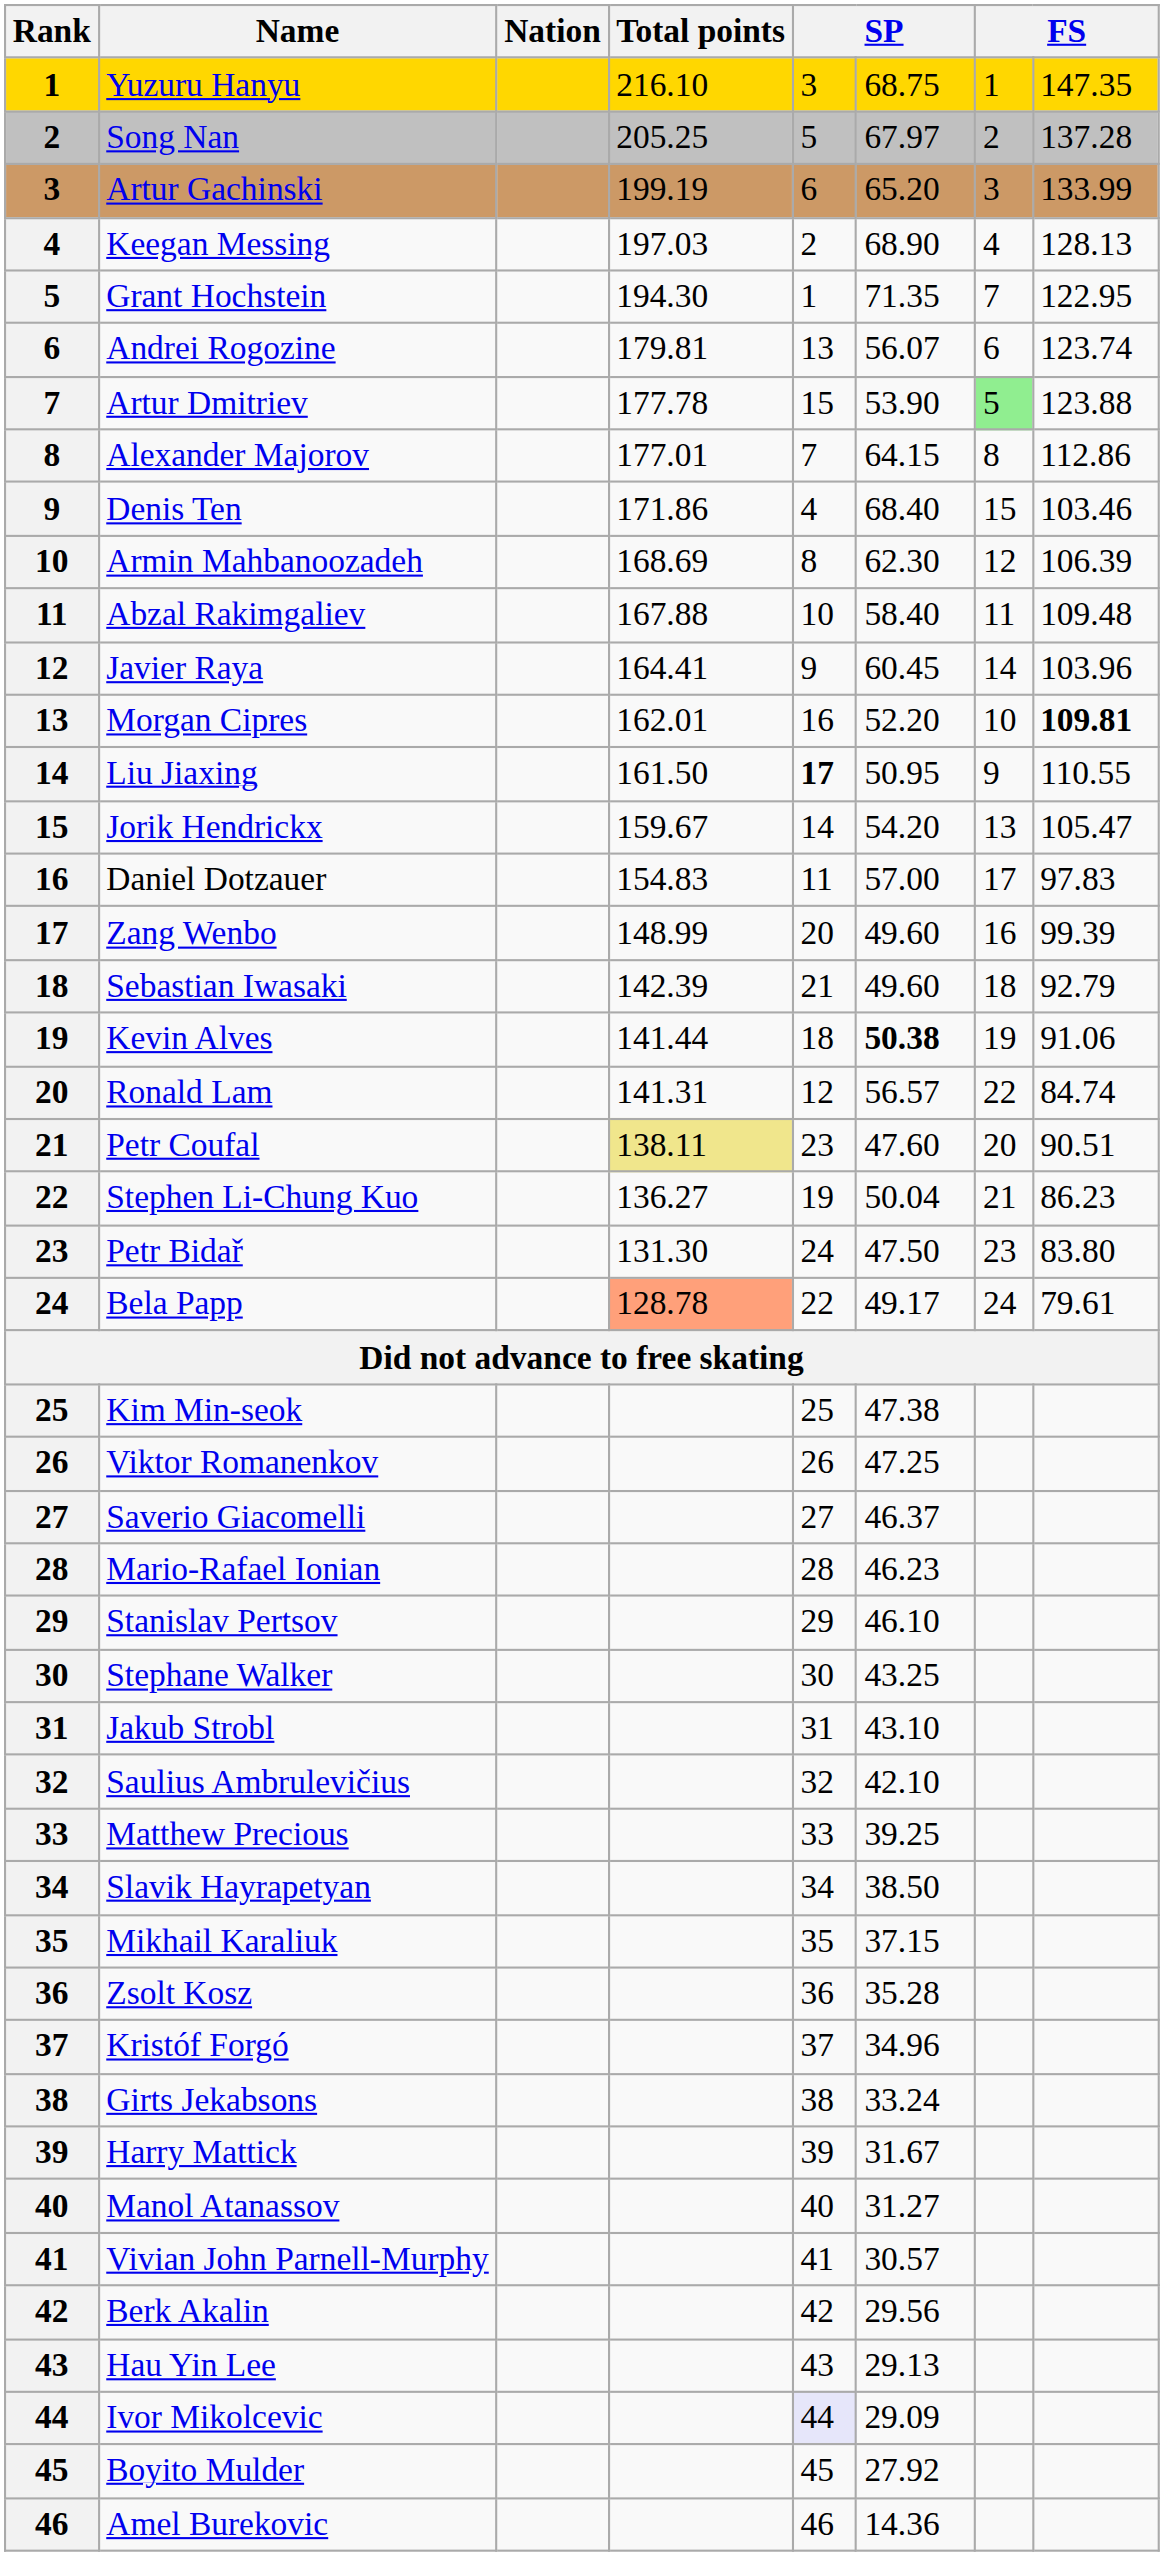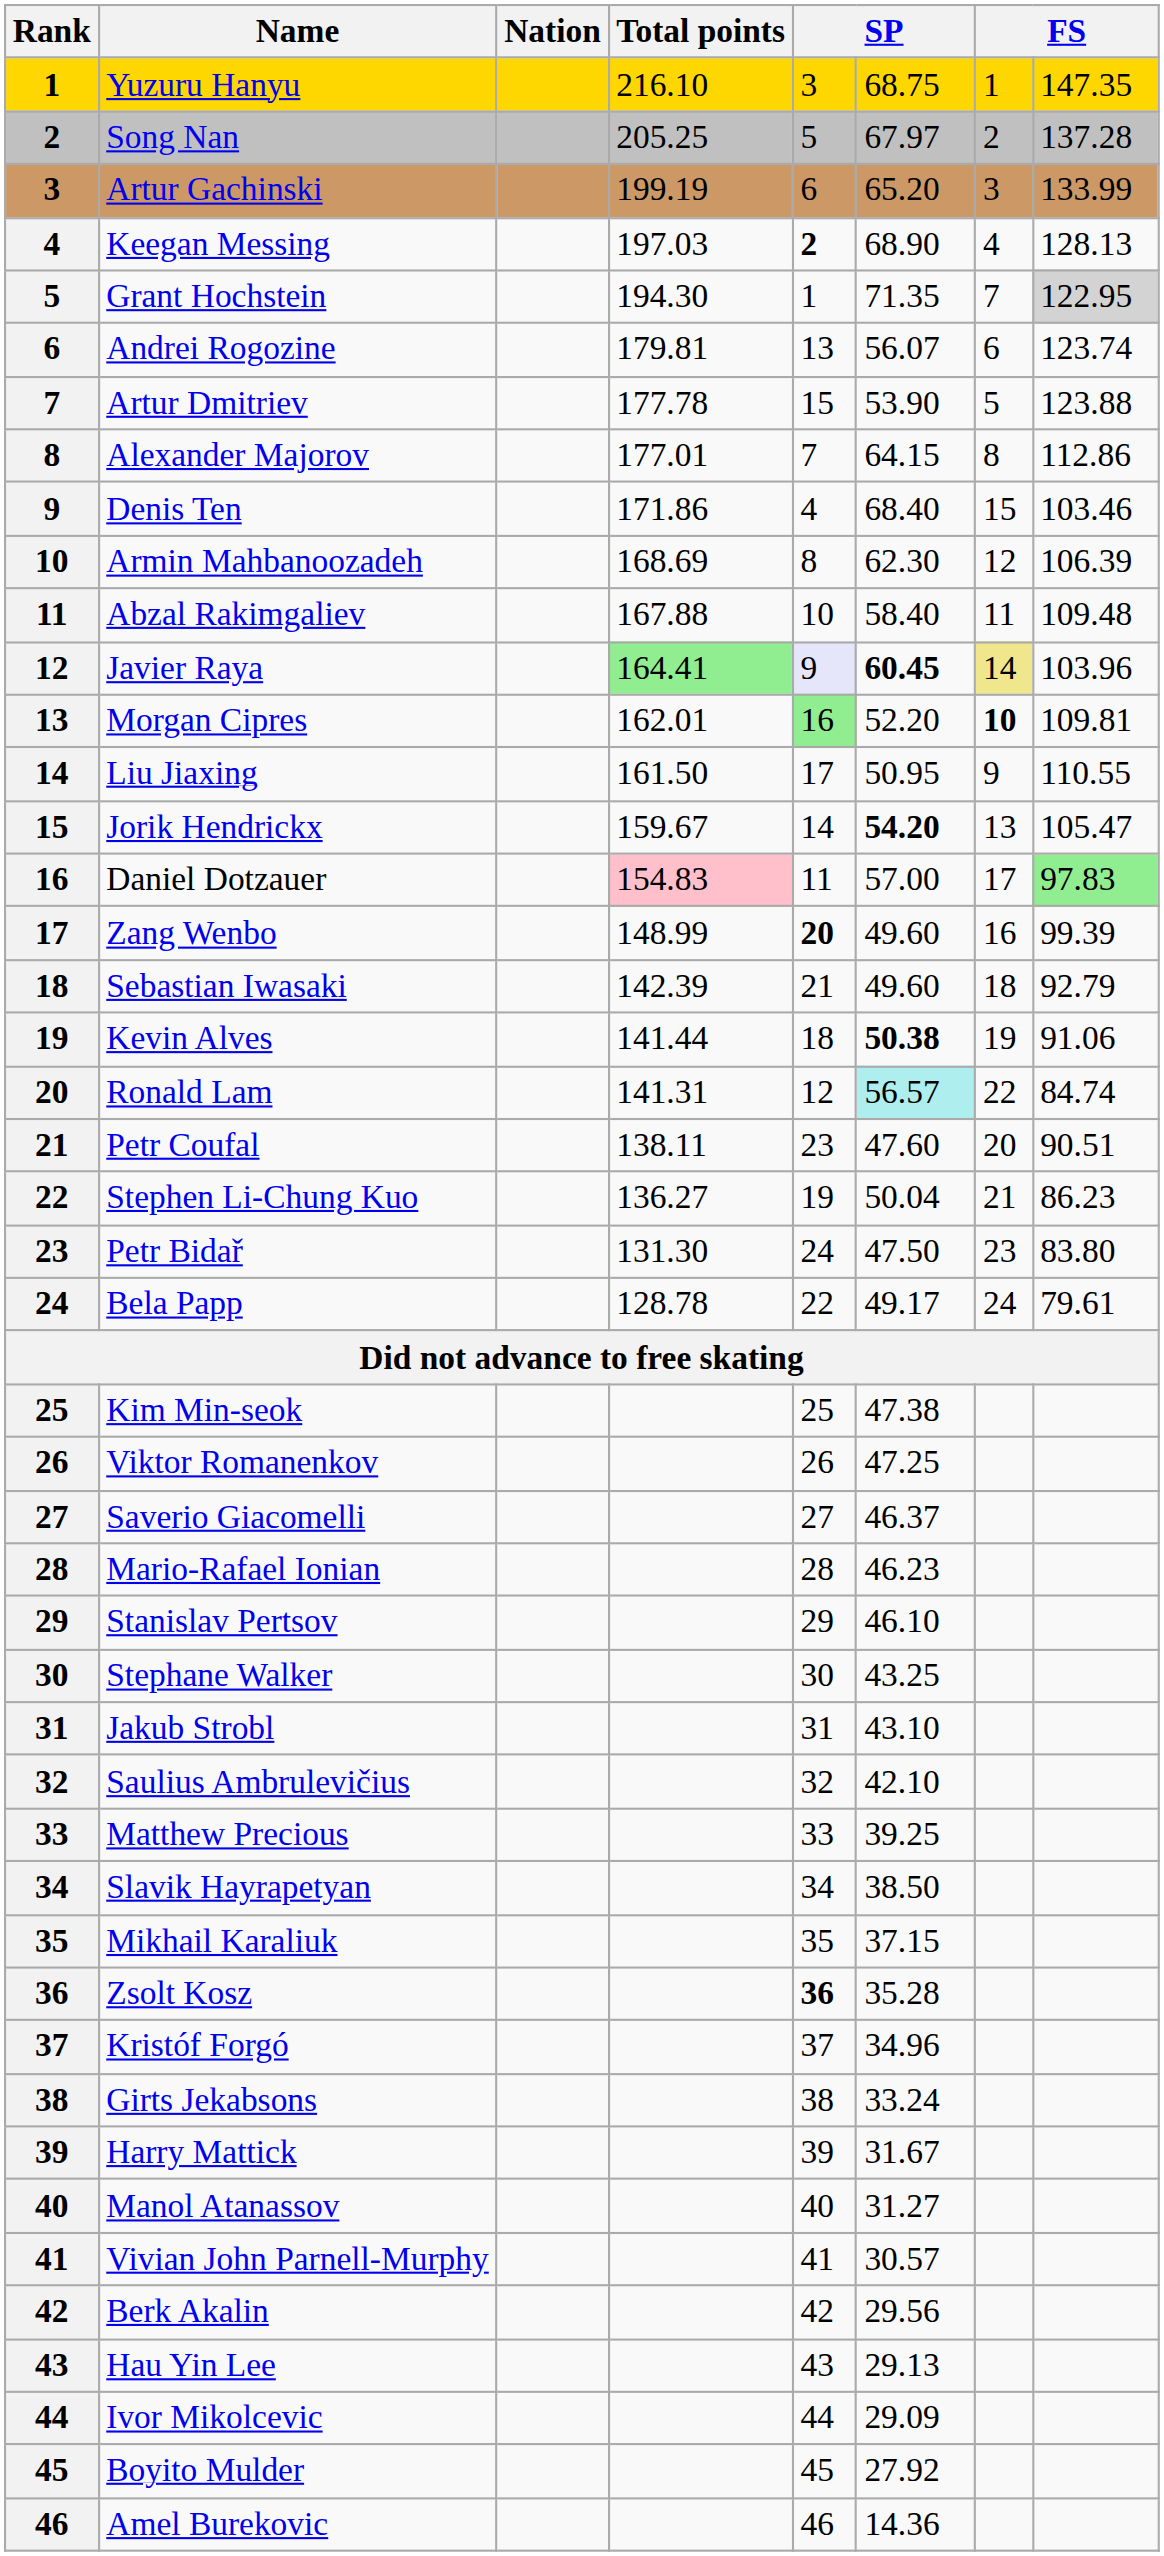 <table class="wikitable sortable">
 <tr>
 <th>Rank</th>
 <th>Name</th>
 <th>Nation</th>
 <th>Total points</th>
 <th colspan="2" width="80px"><a href='#'>SP</a></th>
 <th colspan="2" width="80px"><a href='#'>FS</a></th>
 </tr>
 <tr bgcolor=gold>
 <td align=center><strong>1</strong></td>
 <td><a href='#'>Yuzuru Hanyu</a></td>
 <td></td>
 <td>216.10</td>
 <td>3</td>
 <td>68.75</td>
 <td>1</td>
 <td>147.35</td>
 </tr>
 <tr bgcolor=silver>
 <td align=center><strong>2</strong></td>
 <td><a href='#'>Song Nan</a></td>
 <td></td>
 <td>205.25</td>
 <td>5</td>
 <td>67.97</td>
 <td>2</td>
 <td>137.28</td>
 </tr>
 <tr bgcolor=cc9966>
 <td align=center><strong>3</strong></td>
 <td><a href='#'>Artur Gachinski</a></td>
 <td></td>
 <td>199.19</td>
 <td>6</td>
 <td>65.20</td>
 <td>3</td>
 <td>133.99</td>
 </tr>
 <tr>
 <th>4</th>
 <td><a href='#'>Keegan Messing</a></td>
 <td></td>
 <td>197.03</td>
-<td>2</td>
+<td><strong>2</strong></td>
 <td>68.90</td>
 <td>4</td>
 <td>128.13</td>
 </tr>
 <tr>
 <th>5</th>
 <td><a href='#'>Grant Hochstein</a></td>
 <td></td>
 <td>194.30</td>
 <td>1</td>
 <td>71.35</td>
 <td>7</td>
-<td>122.95</td>
+<td style="background: lightgrey;">122.95</td>
 </tr>
 <tr>
 <th>6</th>
 <td><a href='#'>Andrei Rogozine</a></td>
 <td></td>
 <td>179.81</td>
 <td>13</td>
 <td>56.07</td>
 <td>6</td>
 <td>123.74</td>
 </tr>
 <tr>
 <th>7</th>
 <td><a href='#'>Artur Dmitriev</a></td>
 <td></td>
 <td>177.78</td>
 <td>15</td>
 <td>53.90</td>
-<td style="background: lightgreen;">5</td>
+<td>5</td>
 <td>123.88</td>
 </tr>
 <tr>
 <th>8</th>
 <td><a href='#'>Alexander Majorov</a></td>
 <td></td>
 <td>177.01</td>
 <td>7</td>
 <td>64.15</td>
 <td>8</td>
 <td>112.86</td>
 </tr>
 <tr>
 <th>9</th>
 <td><a href='#'>Denis Ten</a></td>
 <td></td>
 <td>171.86</td>
 <td>4</td>
 <td>68.40</td>
 <td>15</td>
 <td>103.46</td>
 </tr>
 <tr>
 <th>10</th>
 <td><a href='#'>Armin Mahbanoozadeh</a></td>
 <td></td>
 <td>168.69</td>
 <td>8</td>
 <td>62.30</td>
 <td>12</td>
 <td>106.39</td>
 </tr>
 <tr>
 <th>11</th>
 <td><a href='#'>Abzal Rakimgaliev</a></td>
 <td></td>
 <td>167.88</td>
 <td>10</td>
 <td>58.40</td>
 <td>11</td>
 <td>109.48</td>
 </tr>
 <tr>
 <th>12</th>
 <td><a href='#'>Javier Raya</a></td>
 <td></td>
-<td>164.41</td>
-<td>9</td>
-<td>60.45</td>
-<td>14</td>
+<td style="background: lightgreen;">164.41</td>
+<td style="background: lavender;">9</td>
+<td><strong>60.45</strong></td>
+<td style="background: khaki;">14</td>
 <td>103.96</td>
 </tr>
 <tr>
 <th>13</th>
 <td><a href='#'>Morgan Cipres</a></td>
 <td></td>
 <td>162.01</td>
-<td>16</td>
+<td style="background: lightgreen;">16</td>
 <td>52.20</td>
-<td>10</td>
-<td><strong>109.81</strong></td>
+<td><strong>10</strong></td>
+<td>109.81</td>
 </tr>
 <tr>
 <th>14</th>
 <td><a href='#'>Liu Jiaxing</a></td>
 <td></td>
 <td>161.50</td>
-<td><strong>17</strong></td>
+<td>17</td>
 <td>50.95</td>
 <td>9</td>
 <td>110.55</td>
 </tr>
 <tr>
 <th>15</th>
 <td><a href='#'>Jorik Hendrickx</a></td>
 <td></td>
 <td>159.67</td>
 <td>14</td>
-<td>54.20</td>
+<td><strong>54.20</strong></td>
 <td>13</td>
 <td>105.47</td>
 </tr>
 <tr>
 <th>16</th>
 <td>Daniel Dotzauer</td>
 <td></td>
-<td>154.83</td>
+<td style="background: pink;">154.83</td>
 <td>11</td>
 <td>57.00</td>
 <td>17</td>
-<td>97.83</td>
+<td style="background: lightgreen;">97.83</td>
 </tr>
 <tr>
 <th>17</th>
 <td><a href='#'>Zang Wenbo</a></td>
 <td></td>
 <td>148.99</td>
-<td>20</td>
+<td><strong>20</strong></td>
 <td>49.60</td>
 <td>16</td>
 <td>99.39</td>
 </tr>
 <tr>
 <th>18</th>
 <td><a href='#'>Sebastian Iwasaki</a></td>
 <td></td>
 <td>142.39</td>
 <td>21</td>
 <td>49.60</td>
 <td>18</td>
 <td>92.79</td>
 </tr>
 <tr>
 <th>19</th>
 <td><a href='#'>Kevin Alves</a></td>
 <td></td>
 <td>141.44</td>
 <td>18</td>
 <td><strong>50.38</strong></td>
 <td>19</td>
 <td>91.06</td>
 </tr>
 <tr>
 <th>20</th>
 <td><a href='#'>Ronald Lam</a></td>
 <td></td>
 <td>141.31</td>
 <td>12</td>
-<td>56.57</td>
+<td style="background: paleturquoise;">56.57</td>
 <td>22</td>
 <td>84.74</td>
 </tr>
 <tr>
 <th>21</th>
 <td><a href='#'>Petr Coufal</a></td>
 <td></td>
-<td style="background: khaki;">138.11</td>
+<td>138.11</td>
 <td>23</td>
 <td>47.60</td>
 <td>20</td>
 <td>90.51</td>
 </tr>
 <tr>
 <th>22</th>
 <td><a href='#'>Stephen Li-Chung Kuo</a></td>
 <td></td>
 <td>136.27</td>
 <td>19</td>
 <td>50.04</td>
 <td>21</td>
 <td>86.23</td>
 </tr>
 <tr>
 <th>23</th>
 <td><a href='#'>Petr Bidař</a></td>
 <td></td>
 <td>131.30</td>
 <td>24</td>
 <td>47.50</td>
 <td>23</td>
 <td>83.80</td>
 </tr>
 <tr>
 <th>24</th>
 <td><a href='#'>Bela Papp</a></td>
 <td></td>
-<td style="background: lightsalmon;">128.78</td>
+<td>128.78</td>
 <td>22</td>
 <td>49.17</td>
 <td>24</td>
 <td>79.61</td>
 </tr>
 <tr>
 <th colspan=8>Did not advance to free skating</th>
 </tr>
 <tr>
 <th>25</th>
 <td><a href='#'>Kim Min-seok</a></td>
 <td></td>
 <td></td>
 <td>25</td>
 <td>47.38</td>
 <td></td>
 <td></td>
 </tr>
 <tr>
 <th>26</th>
 <td><a href='#'>Viktor Romanenkov</a></td>
 <td></td>
 <td></td>
 <td>26</td>
 <td>47.25</td>
 <td></td>
 <td></td>
 </tr>
 <tr>
 <th>27</th>
 <td><a href='#'>Saverio Giacomelli</a></td>
 <td></td>
 <td></td>
 <td>27</td>
 <td>46.37</td>
 <td></td>
 <td></td>
 </tr>
 <tr>
 <th>28</th>
 <td><a href='#'>Mario-Rafael Ionian</a></td>
 <td></td>
 <td></td>
 <td>28</td>
 <td>46.23</td>
 <td></td>
 <td></td>
 </tr>
 <tr>
 <th>29</th>
 <td><a href='#'>Stanislav Pertsov</a></td>
 <td></td>
 <td></td>
 <td>29</td>
 <td>46.10</td>
 <td></td>
 <td></td>
 </tr>
 <tr>
 <th>30</th>
 <td><a href='#'>Stephane Walker</a></td>
 <td></td>
 <td></td>
 <td>30</td>
 <td>43.25</td>
 <td></td>
 <td></td>
 </tr>
 <tr>
 <th>31</th>
 <td><a href='#'>Jakub Strobl</a></td>
 <td></td>
 <td></td>
 <td>31</td>
 <td>43.10</td>
 <td></td>
 <td></td>
 </tr>
 <tr>
 <th>32</th>
 <td><a href='#'>Saulius Ambrulevičius</a></td>
 <td></td>
 <td></td>
 <td>32</td>
 <td>42.10</td>
 <td></td>
 <td></td>
 </tr>
 <tr>
 <th>33</th>
 <td><a href='#'>Matthew Precious</a></td>
 <td></td>
 <td></td>
 <td>33</td>
 <td>39.25</td>
 <td></td>
 <td></td>
 </tr>
 <tr>
 <th>34</th>
 <td><a href='#'>Slavik Hayrapetyan</a></td>
 <td></td>
 <td></td>
 <td>34</td>
 <td>38.50</td>
 <td></td>
 <td></td>
 </tr>
 <tr>
 <th>35</th>
 <td><a href='#'>Mikhail Karaliuk</a></td>
 <td></td>
 <td></td>
 <td>35</td>
 <td>37.15</td>
 <td></td>
 <td></td>
 </tr>
 <tr>
 <th>36</th>
 <td><a href='#'>Zsolt Kosz</a></td>
 <td></td>
 <td></td>
-<td>36</td>
+<td><strong>36</strong></td>
 <td>35.28</td>
 <td></td>
 <td></td>
 </tr>
 <tr>
 <th>37</th>
 <td><a href='#'>Kristóf Forgó</a></td>
 <td></td>
 <td></td>
 <td>37</td>
 <td>34.96</td>
 <td></td>
 <td></td>
 </tr>
 <tr>
 <th>38</th>
 <td><a href='#'>Girts Jekabsons</a></td>
 <td></td>
 <td></td>
 <td>38</td>
 <td>33.24</td>
 <td></td>
 <td></td>
 </tr>
 <tr>
 <th>39</th>
 <td><a href='#'>Harry Mattick</a></td>
 <td></td>
 <td></td>
 <td>39</td>
 <td>31.67</td>
 <td></td>
 <td></td>
 </tr>
 <tr>
 <th>40</th>
 <td><a href='#'>Manol Atanassov</a></td>
 <td></td>
 <td></td>
 <td>40</td>
 <td>31.27</td>
 <td></td>
 <td></td>
 </tr>
 <tr>
 <th>41</th>
 <td><a href='#'>Vivian John Parnell-Murphy</a></td>
 <td></td>
 <td></td>
 <td>41</td>
 <td>30.57</td>
 <td></td>
 <td></td>
 </tr>
 <tr>
 <th>42</th>
 <td><a href='#'>Berk Akalin</a></td>
 <td></td>
 <td></td>
 <td>42</td>
 <td>29.56</td>
 <td></td>
 <td></td>
 </tr>
 <tr>
 <th>43</th>
 <td><a href='#'>Hau Yin Lee</a></td>
 <td></td>
 <td></td>
 <td>43</td>
 <td>29.13</td>
 <td></td>
 <td></td>
 </tr>
 <tr>
 <th>44</th>
 <td><a href='#'>Ivor Mikolcevic</a></td>
 <td></td>
 <td></td>
-<td style="background: lavender;">44</td>
+<td>44</td>
 <td>29.09</td>
 <td></td>
 <td></td>
 </tr>
 <tr>
 <th>45</th>
 <td><a href='#'>Boyito Mulder</a></td>
 <td></td>
 <td></td>
 <td>45</td>
 <td>27.92</td>
 <td></td>
 <td></td>
 </tr>
 <tr>
 <th>46</th>
 <td><a href='#'>Amel Burekovic</a></td>
 <td></td>
 <td></td>
 <td>46</td>
 <td>14.36</td>
 <td></td>
 <td></td>
 </tr>
 </table>
